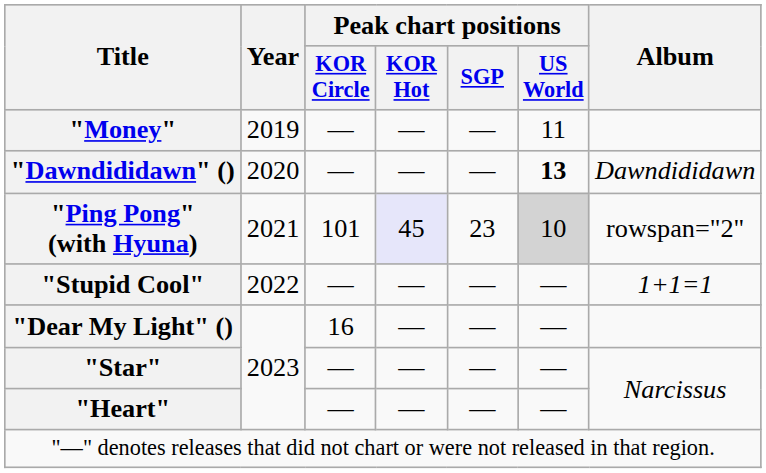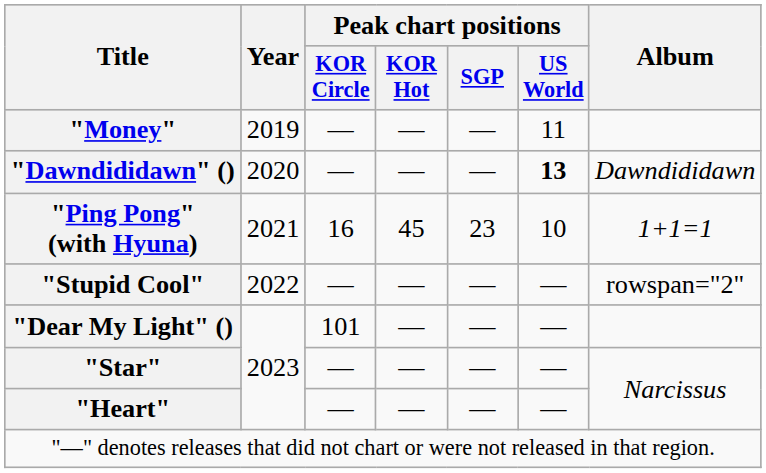 <table class="wikitable plainrowheaders" style="text-align:center;">
 <tr>
 <th scope="col" rowspan="2">Title</th>
 <th scope="col" rowspan="2">Year</th>
 <th scope="col" colspan="4">Peak chart positions</th>
 <th scope="col" rowspan="2">Album</th>
 </tr>
 <tr>
 <th scope="col" style="width:2.7em;font-size:85%;"><a href='#'>KOR<br>Circle</a><br></th>
 <th scope="col" style="width:2.7em;font-size:85%;"><a href='#'>KOR<br>Hot</a> <br></th>
 <th scope="col" style="font-size:85%; width:2.7em"><a href='#'>SGP</a><br></th>
 <th scope="col" style="font-size:85%; width:2.7em"><a href='#'>US World</a><br></th>
 </tr>
 <tr>
 <th scope="row">"<a href='#'>Money</a>"</th>
 <td>2019</td>
 <td>—</td>
 <td>—</td>
 <td>—</td>
 <td>11</td>
 <td></td>
 </tr>
 <tr>
 <th scope="row">"<a href='#'>Dawndididawn</a>" ()<br></th>
 <td>2020</td>
 <td>—</td>
 <td>—</td>
 <td>—</td>
 <td><strong>13</strong></td>
 <td><em>Dawndididawn</em></td>
 </tr>
 <tr>
 <th scope="row">"<a href='#'>Ping Pong</a>"<br><span>(with <a href='#'>Hyuna</a>)</span></th>
 <td>2021</td>
-<td>101</td>
-<td style="background: lavender;">45</td>
+<td>16</td>
+<td>45</td>
 <td>23</td>
-<td style="background: lightgrey;">10</td>
-<td>rowspan="2" </td>
+<td>10</td>
+<td><em>1+1=1</em></td>
 </tr>
 <tr>
 <th scope="row">"Stupid Cool"</th>
 <td>2022</td>
 <td>—</td>
 <td>—</td>
 <td>—</td>
 <td>—</td>
-<td><em>1+1=1</em></td>
+<td>rowspan="2" </td>
 </tr>
 <tr>
 <th scope="row">"Dear My Light" ()</th>
 <td rowspan="3">2023</td>
-<td>16</td>
+<td>101</td>
 <td>—</td>
 <td>—</td>
 <td>—</td>
 </tr>
 <tr>
 <th scope="row">"Star"</th>
 <td>—</td>
 <td>—</td>
 <td>—</td>
 <td>—</td>
 <td rowspan="2"><em>Narcissus</em></td>
 </tr>
 <tr>
 <th scope="row">"Heart"</th>
 <td>—</td>
 <td>—</td>
 <td>—</td>
 <td>—</td>
 </tr>
 <tr>
 <td colspan="7" style="font-size:85%">"—" denotes releases that did not chart or were not released in that region.</td>
 </tr>
 </table>
